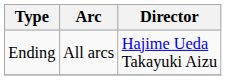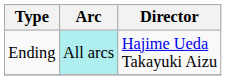 <table class="wikitable">
 <tr style="background:#b0c4de; text-align:center;">
 <th>Type</th>
 <th>Arc</th>
 <th>Director</th>
 </tr>
 <tr>
 <td>Ending</td>
-<td>All arcs</td>
+<td style="background: paleturquoise;">All arcs</td>
 <td><a href='#'>Hajime Ueda</a><br>Takayuki Aizu</td>
 </tr>
 <tr>
 </tr>
 </table>
